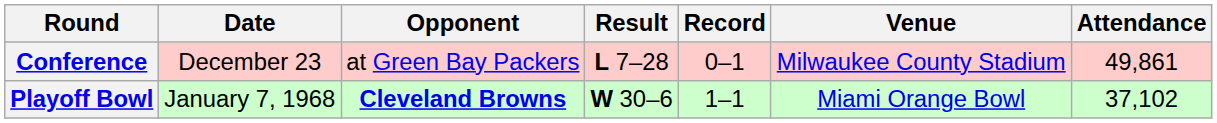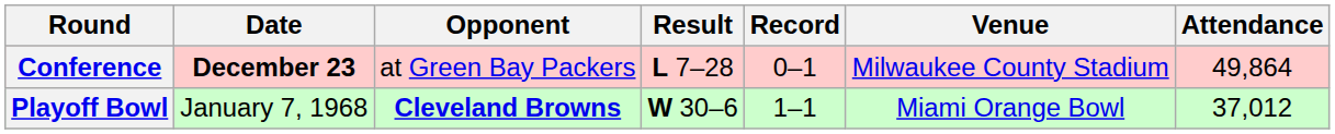 <table class="wikitable" style="text-align:center">
 <tr>
 <th>Round</th>
 <th>Date</th>
 <th>Opponent</th>
 <th>Result</th>
 <th>Record</th>
 <th>Venue</th>
 <th>Attendance</th>
 </tr>
 <tr style="background:#fcc">
 <th><a href='#'>Conference</a></th>
-<td>December 23</td>
+<td><strong>December 23</strong></td>
 <td>at <a href='#'>Green Bay Packers</a></td>
 <td><strong>L</strong> 7–28</td>
 <td>0–1</td>
 <td><a href='#'>Milwaukee County Stadium</a></td>
-<td>49,861</td>
+<td>49,864</td>
 </tr>
 <tr style="background:#cfc">
 <th><a href='#'>Playoff Bowl</a></th>
 <td>January 7, 1968</td>
 <td><strong><a href='#'>Cleveland Browns</a></strong></td>
 <td><strong>W</strong> 30–6</td>
 <td>1–1</td>
 <td><a href='#'>Miami Orange Bowl</a></td>
-<td>37,102</td>
+<td>37,012</td>
 </tr>
 </table>
